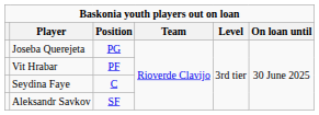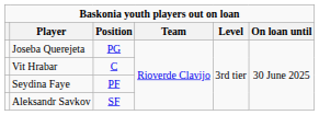 <table class="wikitable sortable" style="font-size: 95%; text-align:center;">
 <tr>
 <td colspan="6"><strong>Baskonia youth players out on loan</strong></td>
 </tr>
 <tr>
 <th></th>
 <th>Player</th>
 <th>Position</th>
 <th>Team</th>
 <th>Level</th>
 <th>On loan until</th>
 </tr>
 <tr>
 <td></td>
 <td style="text-align:left;">Joseba Querejeta</td>
 <td><a href='#'>PG</a></td>
 <td style="text-align:left;" rowspan="4"><a href='#'>Rioverde Clavijo</a></td>
 <td rowspan="4">3rd tier</td>
 <td rowspan="4">30 June 2025</td>
 </tr>
 <tr>
 <td></td>
 <td style="text-align:left;">Vit Hrabar</td>
-<td><a href='#'>PF</a></td>
+<td><a href='#'>C</a></td>
 </tr>
 <tr>
 <td></td>
 <td style="text-align:left;">Seydina Faye</td>
-<td><a href='#'>C</a></td>
+<td><a href='#'>PF</a></td>
 </tr>
 <tr>
 <td></td>
 <td style="text-align:left;">Aleksandr Savkov</td>
 <td><a href='#'>SF</a></td>
 </tr>
 </table>
